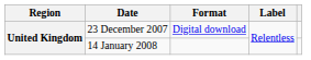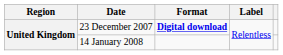 <table class="wikitable plainrowheaders">
 <tr>
 <th scope="col">Region</th>
 <th scope="col">Date</th>
 <th scope="col">Format</th>
 <th scope="col">Label</th>
 <th scope="col"></th>
 </tr>
 <tr>
 <th scope="row" rowspan="2">United Kingdom</th>
 <td>23 December 2007</td>
-<td><a href='#'>Digital download</a></td>
+<td><strong><a href='#'>Digital download</a></strong></td>
 <td rowspan="2"><a href='#'>Relentless</a></td>
 <td align="center"></td>
 </tr>
 <tr>
 <td>14 January 2008</td>
 <td></td>
 <td align="center"></td>
 </tr>
 </table>
